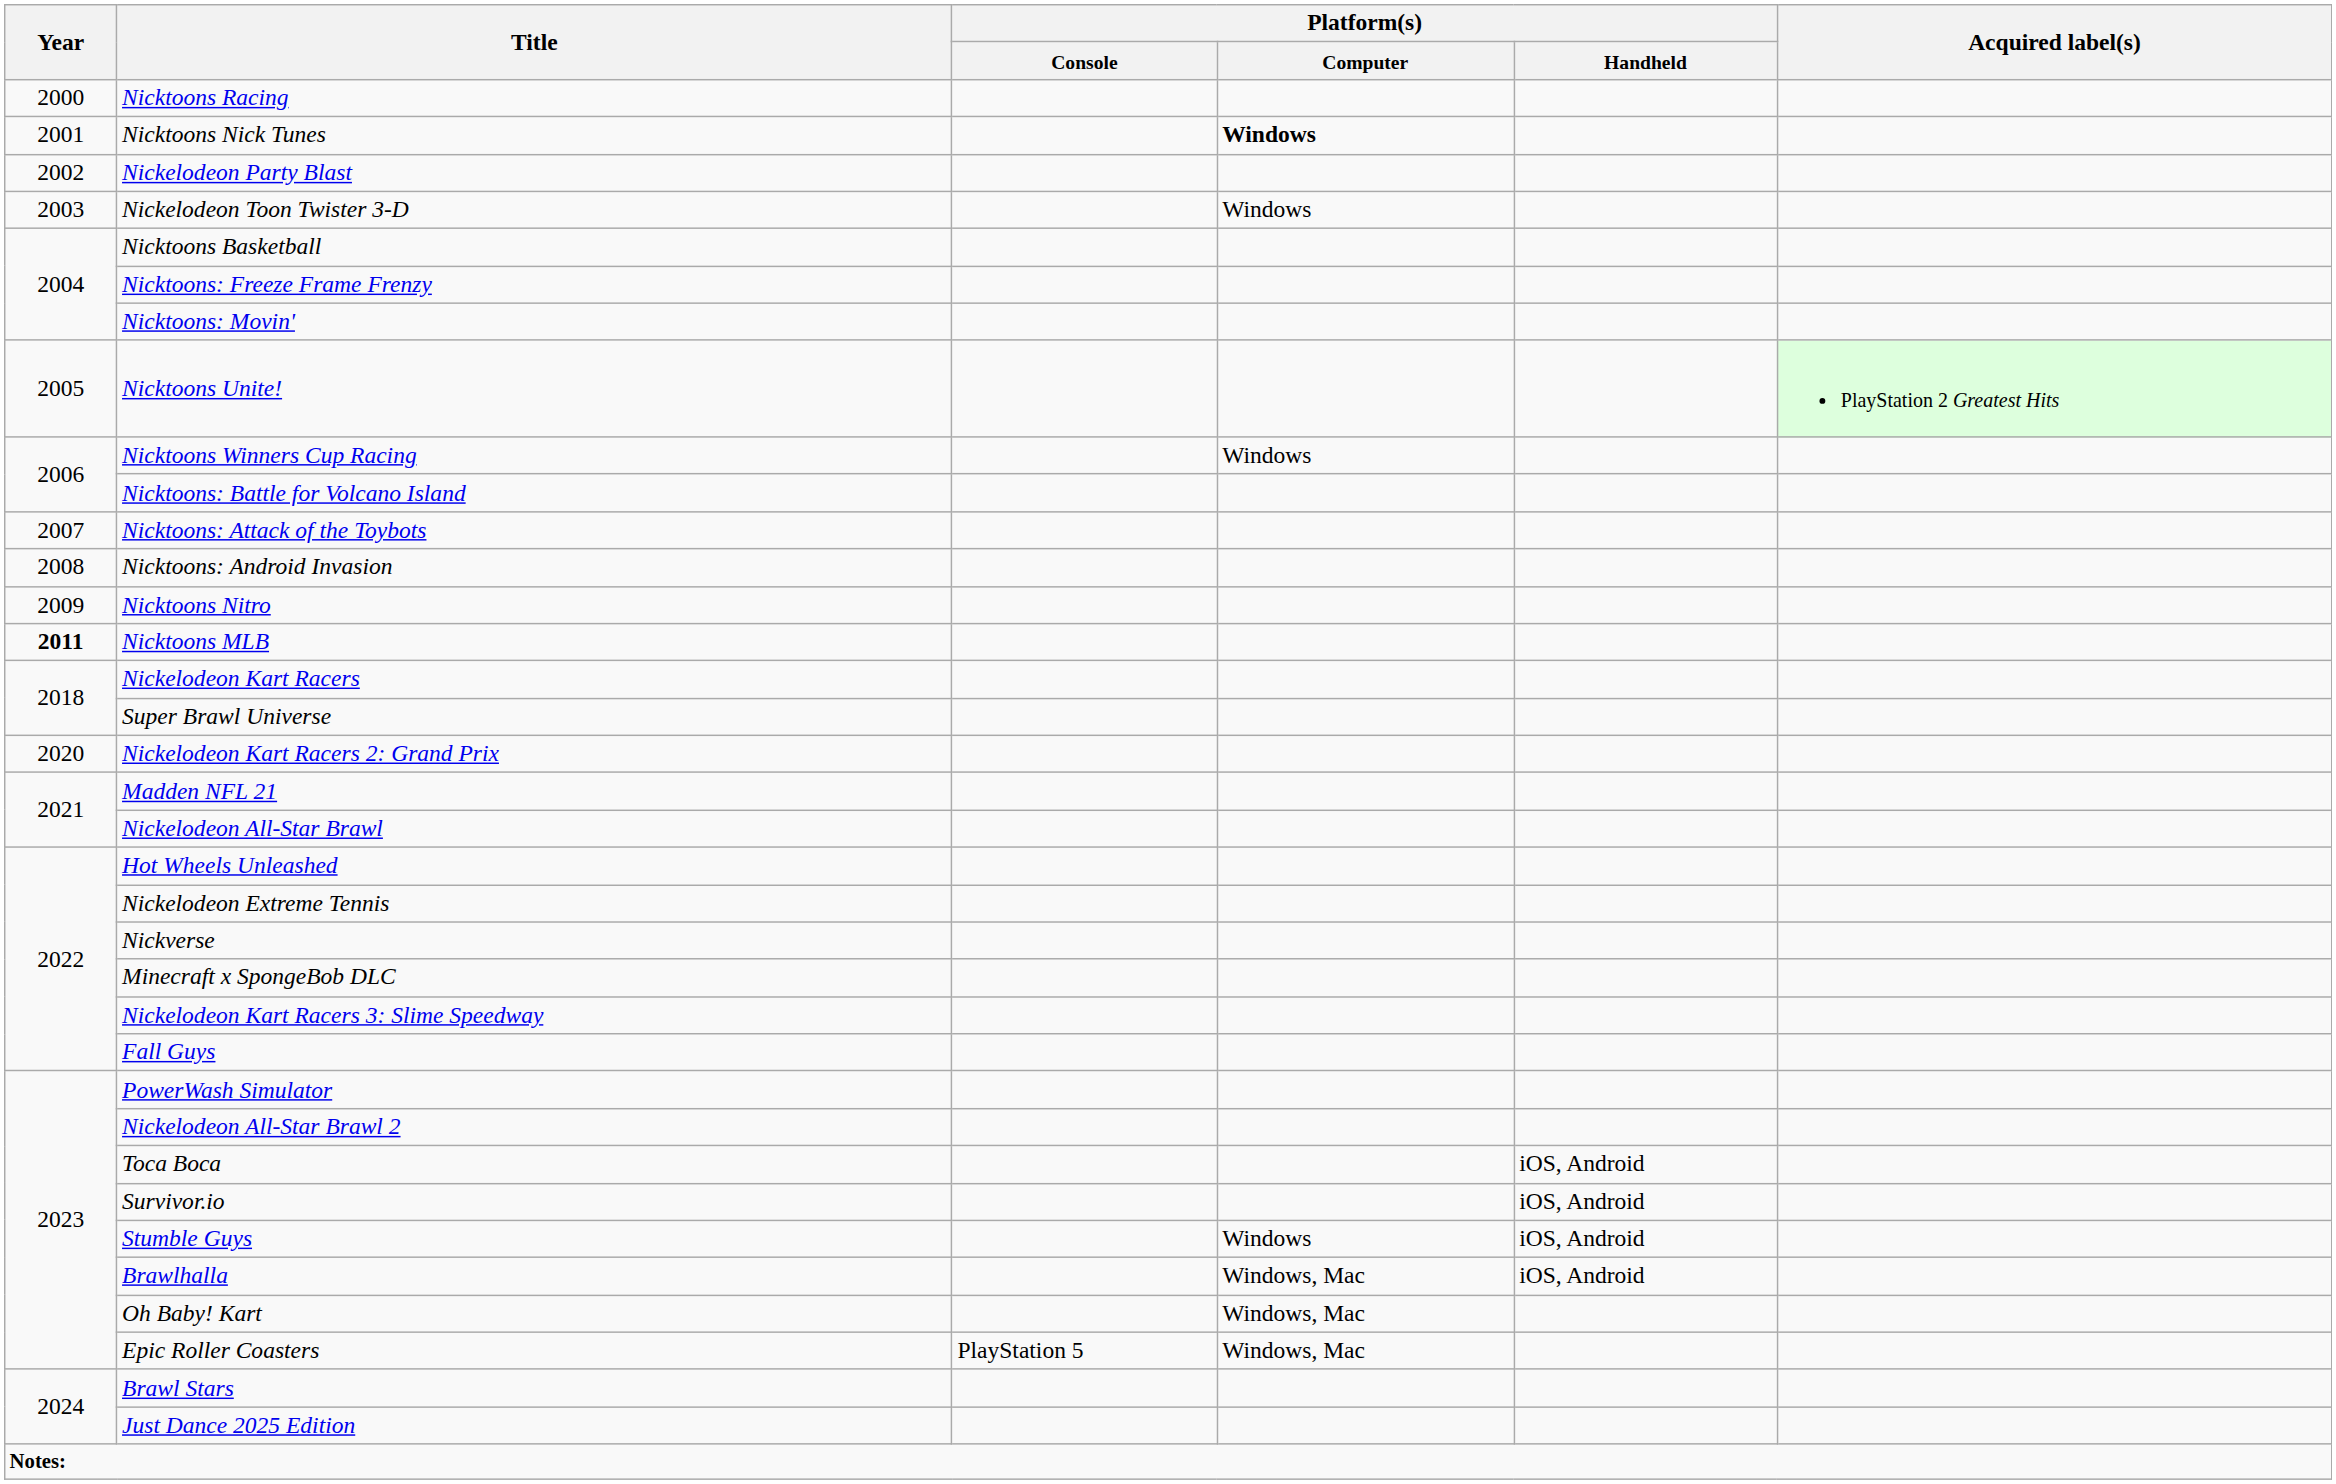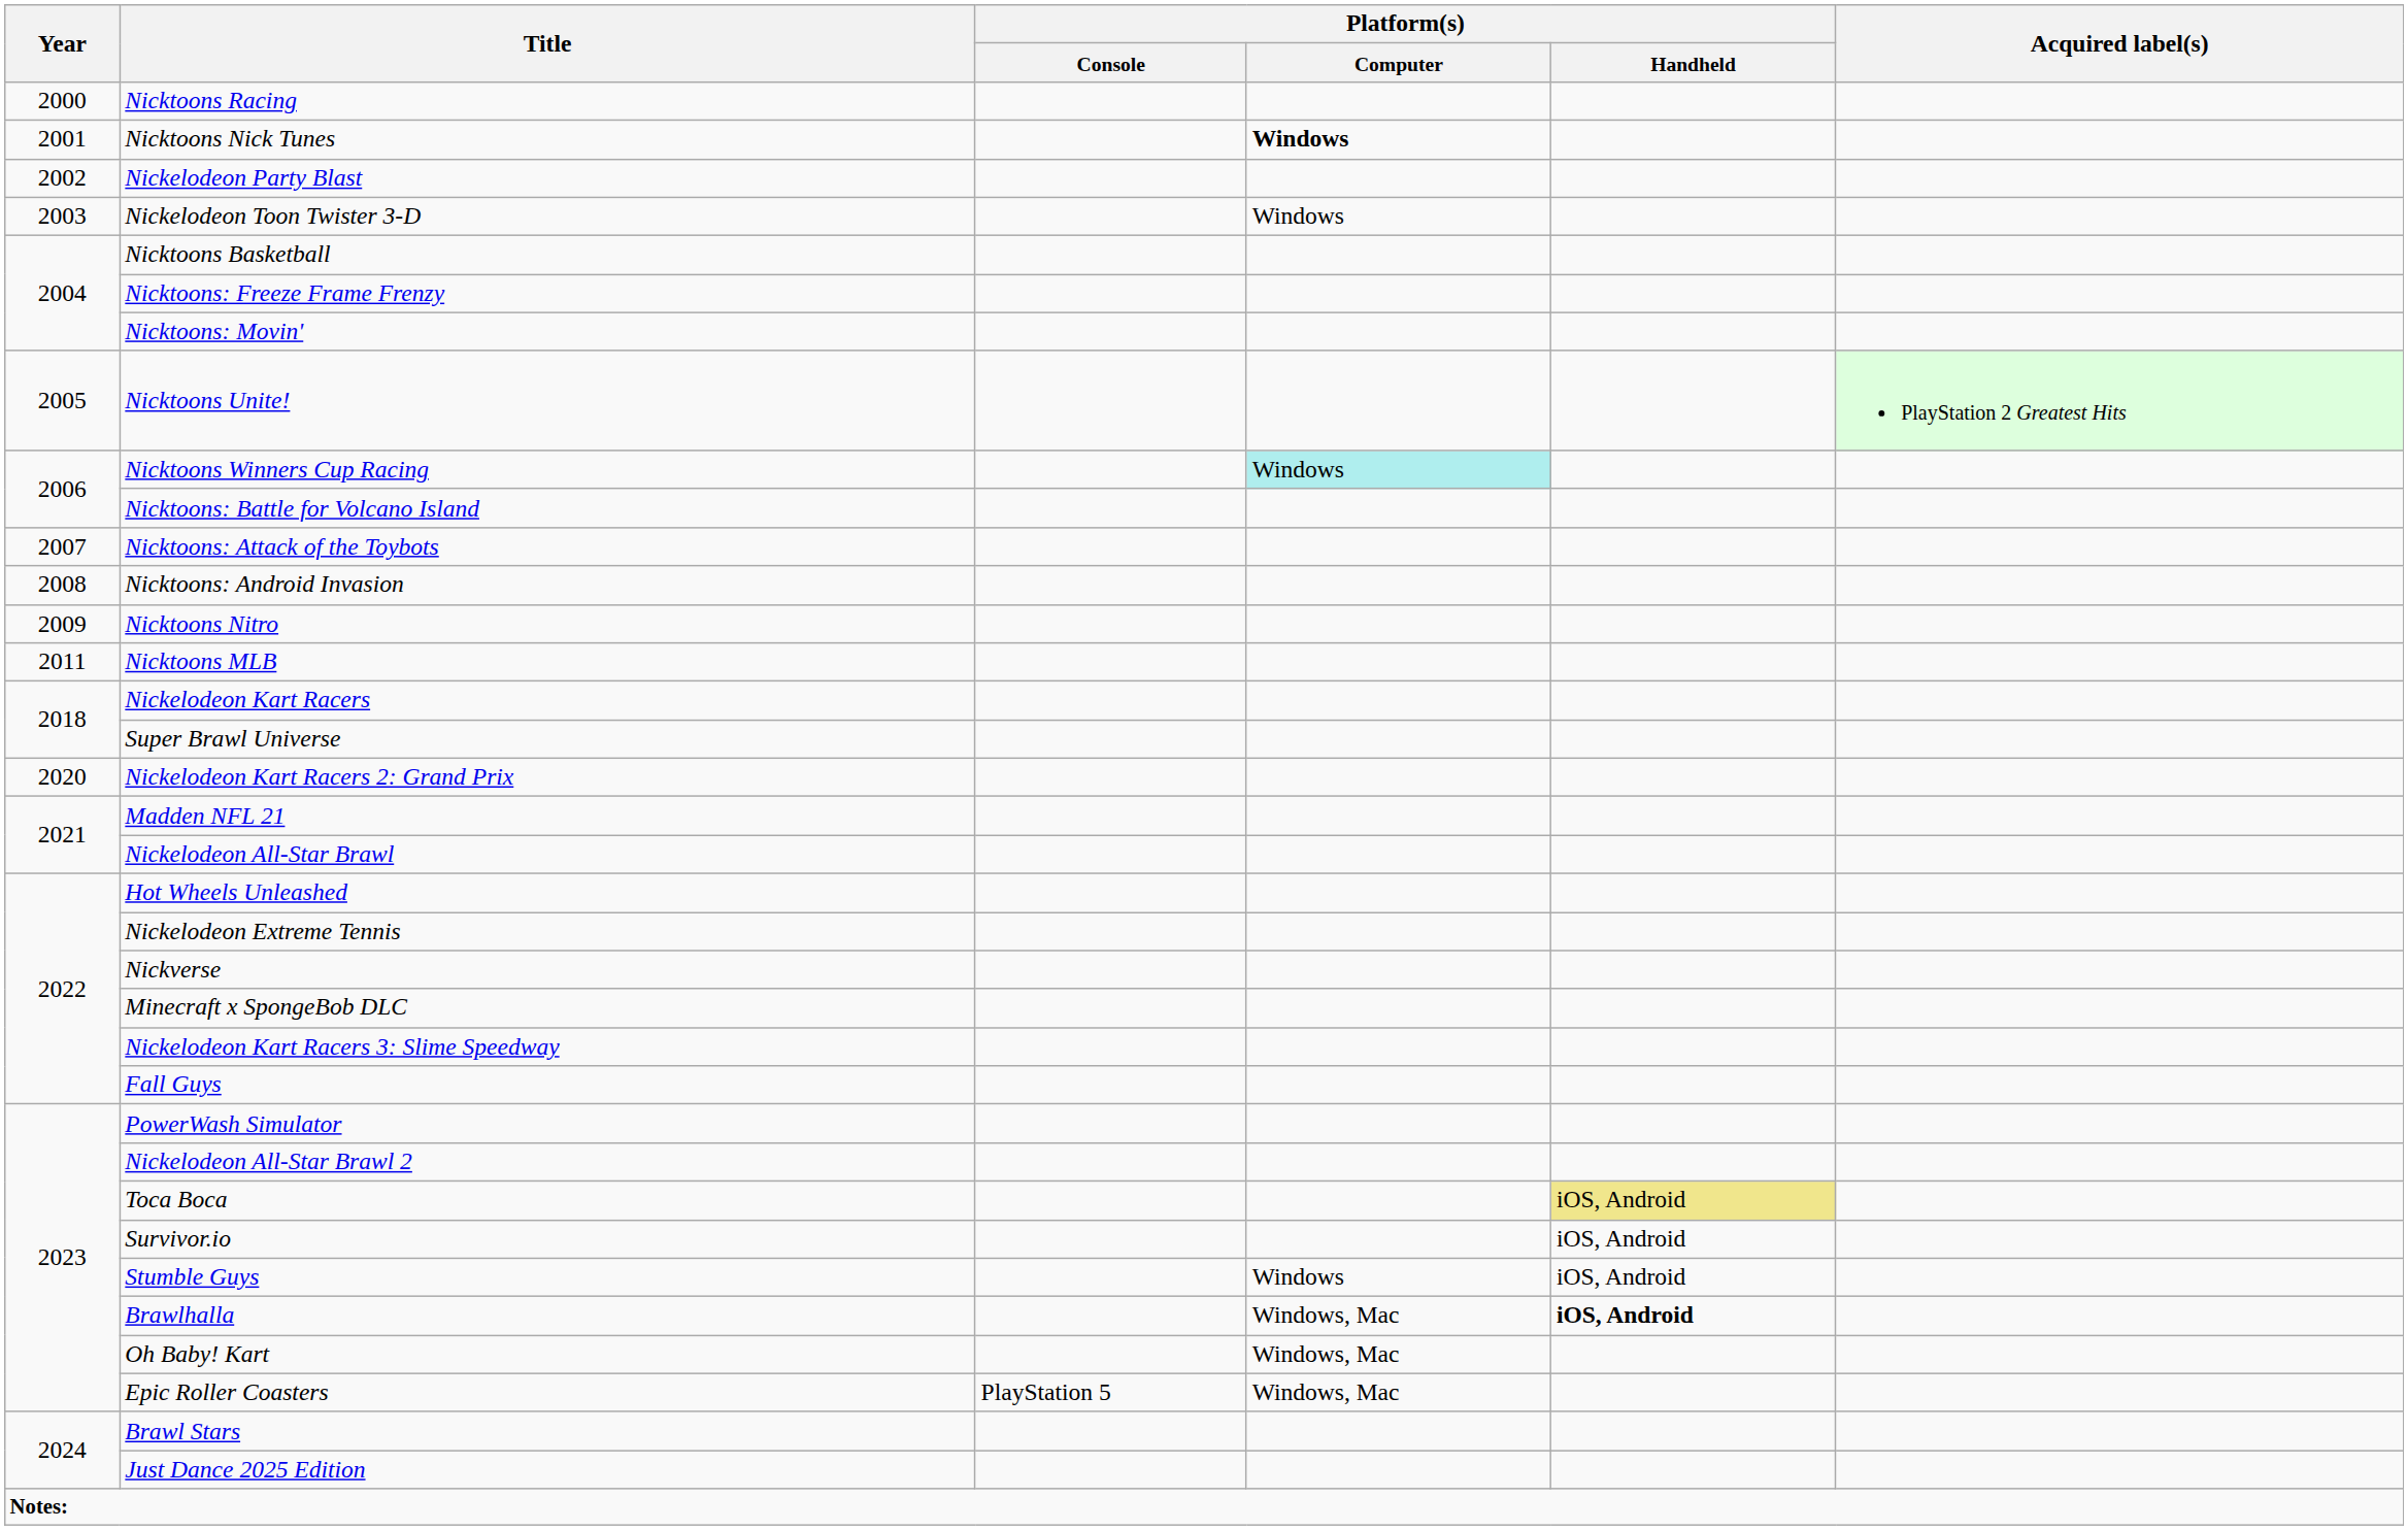 <table class="wikitable" style="width:100%;">
 <tr>
 <th rowspan="2">Year</th>
 <th rowspan="2">Title</th>
 <th colspan="3">Platform(s)</th>
 <th rowspan="2">Acquired label(s)</th>
 </tr>
 <tr style="text-align:center;">
 <th><small>Console</small></th>
 <th><small>Computer</small></th>
 <th><small>Handheld</small></th>
 </tr>
 <tr>
 <td style="text-align:center;">2000</td>
 <td><em><a href='#'>Nicktoons Racing</a></em></td>
 <td></td>
 <td></td>
 <td></td>
 <td></td>
 </tr>
 <tr>
 <td style="text-align:center;">2001</td>
 <td><em>Nicktoons Nick Tunes</em></td>
 <td></td>
 <td><strong>Windows</strong></td>
 <td></td>
 <td></td>
 </tr>
 <tr>
 <td style="text-align:center;">2002</td>
 <td><em><a href='#'>Nickelodeon Party Blast</a></em></td>
 <td></td>
 <td></td>
 <td></td>
 <td></td>
 </tr>
 <tr>
 <td style="text-align:center;">2003</td>
 <td><em>Nickelodeon Toon Twister 3-D</em></td>
 <td></td>
 <td>Windows</td>
 <td></td>
 <td></td>
 </tr>
 <tr>
 <td rowspan="3" style="text-align:center;">2004</td>
 <td><em>Nicktoons Basketball</em></td>
 <td></td>
 <td></td>
 <td></td>
 <td></td>
 </tr>
 <tr>
 <td><em><a href='#'>Nicktoons: Freeze Frame Frenzy</a></em></td>
 <td></td>
 <td></td>
 <td></td>
 <td></td>
 </tr>
 <tr>
 <td><em><a href='#'>Nicktoons: Movin'</a></em></td>
 <td></td>
 <td></td>
 <td></td>
 <td></td>
 </tr>
 <tr>
 <td style="text-align:center;">2005</td>
 <td><em><a href='#'>Nicktoons Unite!</a></em></td>
 <td></td>
 <td></td>
 <td></td>
 <td style="background:#dfd; font-size:85%;"><br><ul><li>PlayStation 2 <em>Greatest Hits</em></li></ul></td>
 </tr>
 <tr>
 <td rowspan="2" style="text-align:center;">2006</td>
 <td><em><a href='#'>Nicktoons Winners Cup Racing</a></em></td>
 <td></td>
-<td>Windows</td>
+<td style="background: paleturquoise;">Windows</td>
 <td></td>
 <td></td>
 </tr>
 <tr>
 <td><em><a href='#'>Nicktoons: Battle for Volcano Island</a></em></td>
 <td></td>
 <td></td>
 <td></td>
 <td></td>
 </tr>
 <tr>
 <td style="text-align:center;">2007</td>
 <td><em><a href='#'>Nicktoons: Attack of the Toybots</a></em></td>
 <td></td>
 <td></td>
 <td></td>
 <td></td>
 </tr>
 <tr>
 <td style="text-align:center;">2008</td>
 <td><em>Nicktoons: Android Invasion</em></td>
 <td></td>
 <td></td>
 <td></td>
 <td></td>
 </tr>
 <tr>
 <td style="text-align:center;">2009</td>
 <td><em><a href='#'>Nicktoons Nitro</a></em></td>
 <td></td>
 <td></td>
 <td></td>
 <td></td>
 </tr>
 <tr>
-<td style="text-align:center;"><strong>2011</strong></td>
+<td style="text-align:center;">2011</td>
 <td><em><a href='#'>Nicktoons MLB</a></em></td>
 <td></td>
 <td></td>
 <td></td>
 <td></td>
 </tr>
 <tr>
 <td rowspan="2" style="text-align:center;">2018</td>
 <td><em><a href='#'>Nickelodeon Kart Racers</a></em></td>
 <td></td>
 <td></td>
 <td></td>
 <td></td>
 </tr>
 <tr>
 <td><em>Super Brawl Universe</em></td>
 <td></td>
 <td></td>
 <td></td>
 <td></td>
 </tr>
 <tr>
 <td style="text-align:center;">2020</td>
 <td><em><a href='#'>Nickelodeon Kart Racers 2: Grand Prix</a></em></td>
 <td></td>
 <td></td>
 <td></td>
 <td></td>
 </tr>
 <tr>
 <td rowspan="2" style="text-align:center;">2021</td>
 <td><em><a href='#'>Madden NFL 21</a></em></td>
 <td></td>
 <td></td>
 <td></td>
 <td></td>
 </tr>
 <tr>
 <td><em><a href='#'>Nickelodeon All-Star Brawl</a></em></td>
 <td></td>
 <td></td>
 <td></td>
 <td></td>
 </tr>
 <tr>
 <td rowspan="6" style="text-align:center;">2022</td>
 <td><em><a href='#'>Hot Wheels Unleashed</a></em></td>
 <td></td>
 <td></td>
 <td></td>
 <td></td>
 </tr>
 <tr>
 <td><em>Nickelodeon Extreme Tennis</em></td>
 <td></td>
 <td></td>
 <td></td>
 <td></td>
 </tr>
 <tr>
 <td><em>Nickverse</em></td>
 <td></td>
 <td></td>
 <td></td>
 <td></td>
 </tr>
 <tr>
 <td><em>Minecraft x SpongeBob DLC</em></td>
 <td></td>
 <td></td>
 <td></td>
 <td></td>
 </tr>
 <tr>
 <td><em><a href='#'>Nickelodeon Kart Racers 3: Slime Speedway</a></em></td>
 <td></td>
 <td></td>
 <td></td>
 <td></td>
 </tr>
 <tr>
 <td><em><a href='#'>Fall Guys</a></em></td>
 <td></td>
 <td></td>
 <td></td>
 <td></td>
 </tr>
 <tr>
 <td rowspan="8" style="text-align:center;">2023</td>
 <td><em><a href='#'>PowerWash Simulator</a></em></td>
 <td></td>
 <td></td>
 <td></td>
 <td></td>
 </tr>
 <tr>
 <td><em><a href='#'>Nickelodeon All-Star Brawl 2</a></em></td>
 <td></td>
 <td></td>
 <td></td>
 <td></td>
 </tr>
 <tr>
 <td><em>Toca Boca</em></td>
 <td></td>
 <td></td>
-<td>iOS, Android</td>
+<td style="background: khaki;">iOS, Android</td>
 <td></td>
 </tr>
 <tr>
 <td><em>Survivor.io</em></td>
 <td></td>
 <td></td>
 <td>iOS, Android</td>
 <td></td>
 </tr>
 <tr>
 <td><em><a href='#'>Stumble Guys</a></em></td>
 <td></td>
 <td>Windows</td>
 <td>iOS, Android</td>
 <td></td>
 </tr>
 <tr>
 <td><em><a href='#'>Brawlhalla</a></em></td>
 <td></td>
 <td>Windows, Mac</td>
-<td>iOS, Android</td>
+<td><strong>iOS, Android</strong></td>
 <td></td>
 </tr>
 <tr>
 <td><em>Oh Baby! Kart</em></td>
 <td></td>
 <td>Windows, Mac</td>
 <td></td>
 <td></td>
 </tr>
 <tr>
 <td><em>Epic Roller Coasters</em></td>
 <td>PlayStation 5</td>
 <td>Windows, Mac</td>
 <td></td>
 <td></td>
 </tr>
 <tr>
 <td rowspan="2" style="text-align:center;">2024</td>
 <td><em><a href='#'>Brawl Stars</a></em></td>
 <td></td>
 <td></td>
 <td></td>
 <td></td>
 </tr>
 <tr>
 <td><em><a href='#'>Just Dance 2025 Edition</a></em></td>
 <td></td>
 <td></td>
 <td></td>
 <td></td>
 </tr>
 <tr>
 <td colspan="6" style="font-size:88%"><strong>Notes:</strong><br></td>
 </tr>
 </table>
